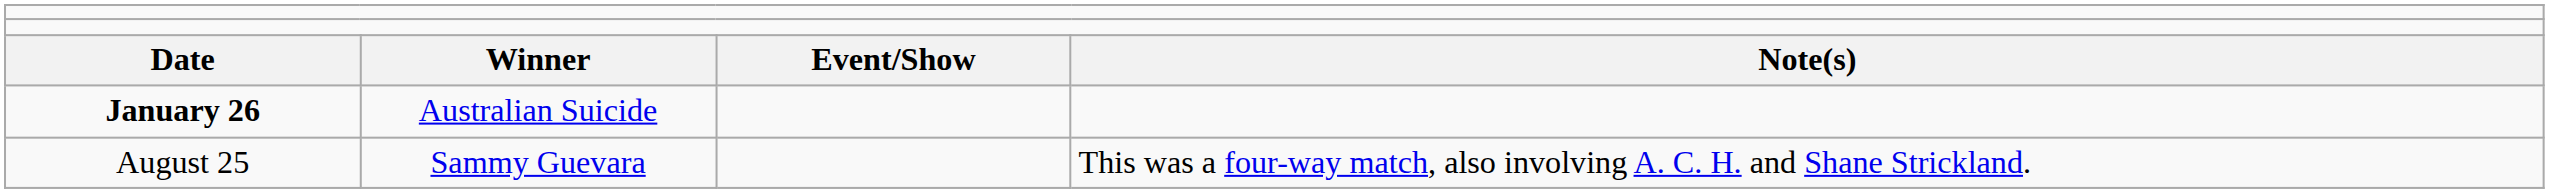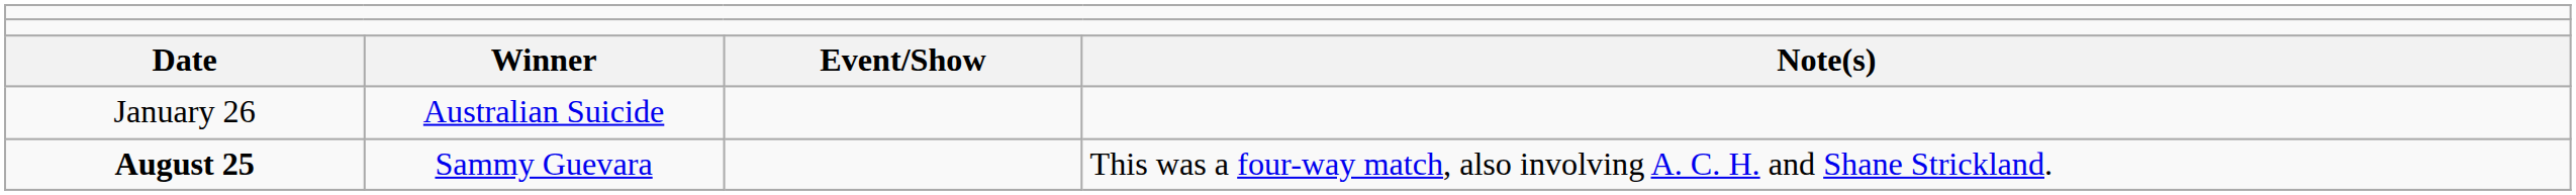 <table class="wikitable" style="text-align:center; width:100%;">
 <tr>
 <td colspan="5"></td>
 </tr>
 <tr>
 <td colspan="5"><strong></strong></td>
 </tr>
 <tr>
 <th width=14%>Date</th>
 <th width=14%>Winner</th>
 <th width=14%>Event/Show</th>
 <th width=58%>Note(s)</th>
 </tr>
 <tr>
-<td><strong>January 26</strong></td>
+<td>January 26</td>
 <td><a href='#'>Australian Suicide</a></td>
 <td></td>
 <td align=left></td>
 </tr>
 <tr>
-<td>August 25</td>
+<td><strong>August 25</strong></td>
 <td><a href='#'>Sammy Guevara</a></td>
 <td></td>
 <td align=left>This was a <a href='#'>four-way match</a>, also involving <a href='#'>A. C. H.</a> and <a href='#'>Shane Strickland</a>.</td>
 </tr>
 </table>
